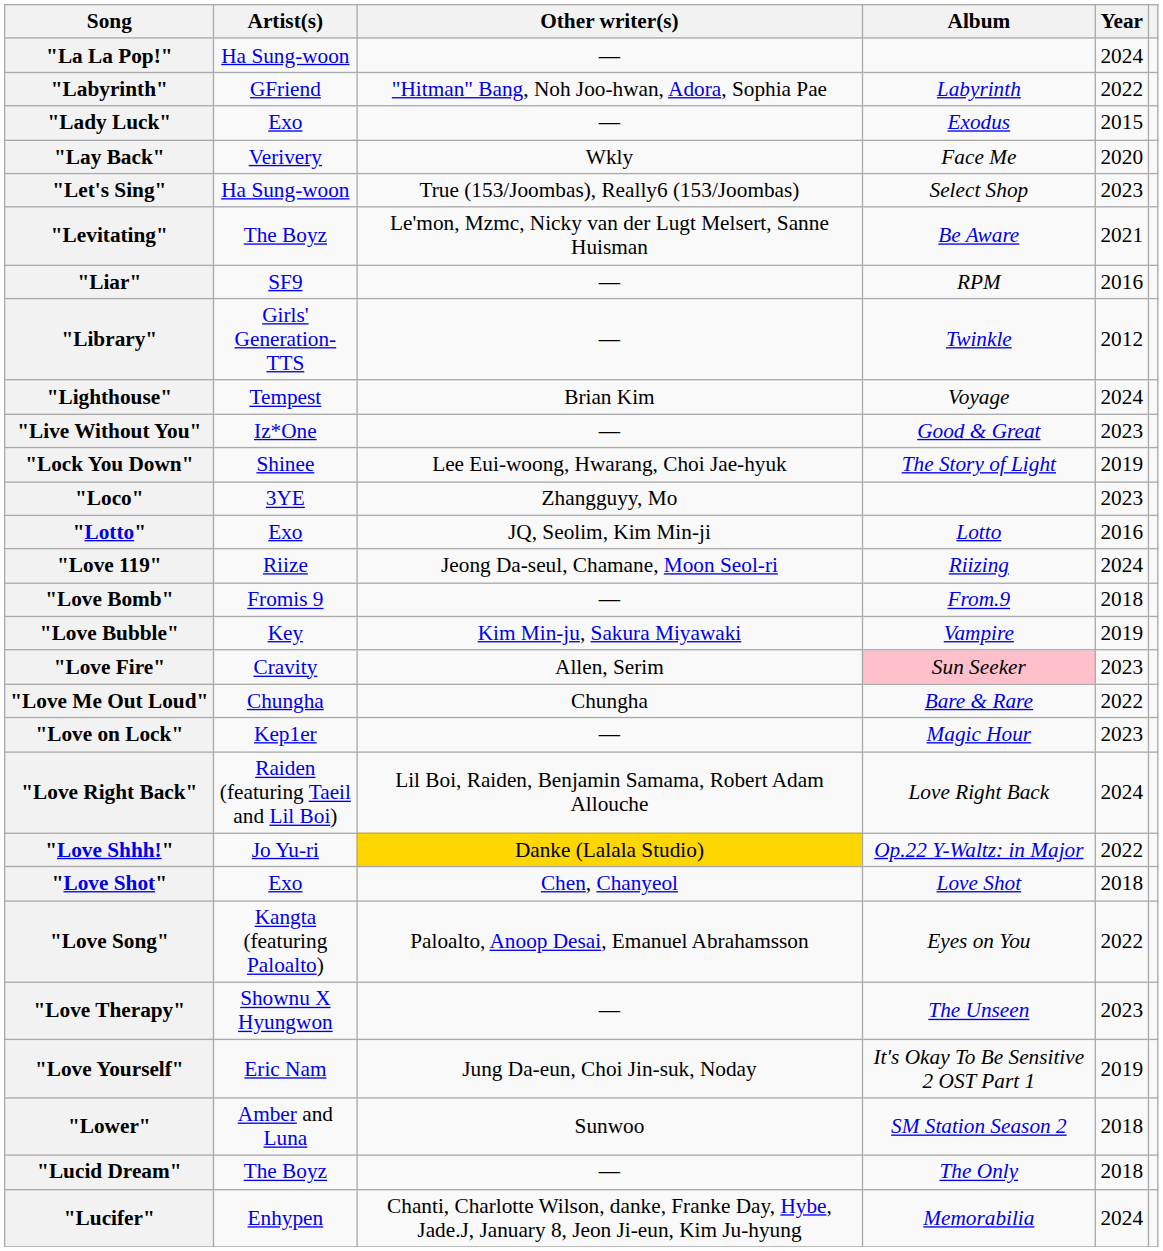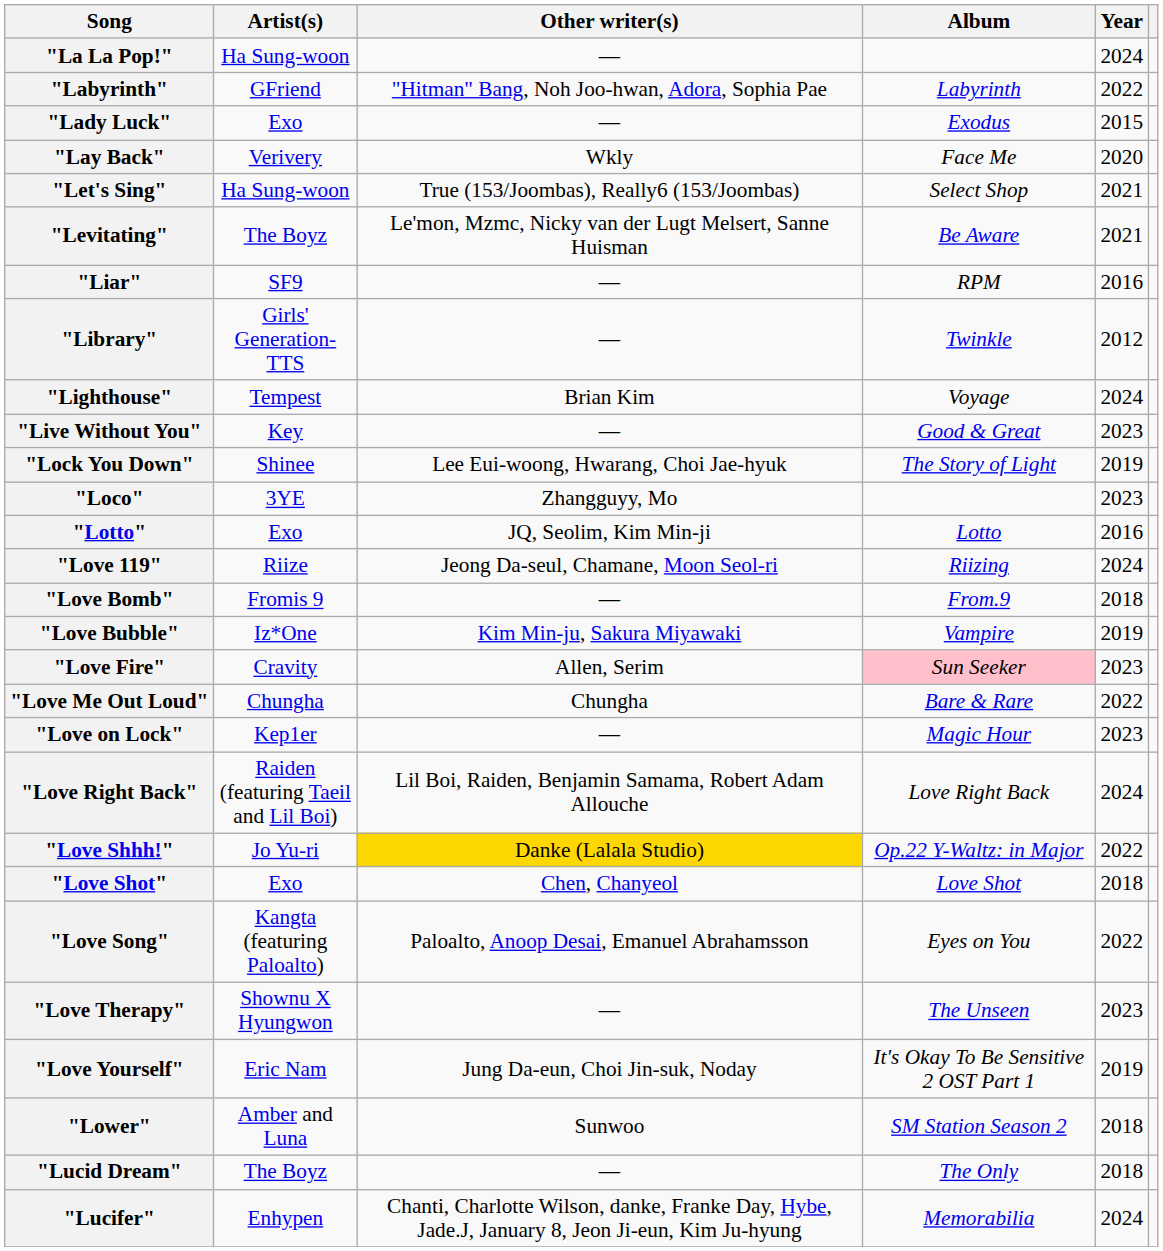 <table class="wikitable sortable plainrowheaders" style="text-align:center;">
 <tr>
 <th scope="col" width="150">Song</th>
 <th scope="col" width="100">Artist(s)</th>
 <th scope="col" class="unsortable">Other writer(s)</th>
 <th scope="col" data-sort-type="text">Album</th>
 <th scope="col">Year</th>
 <th scope="col" class="unsortable"></th>
 </tr>
 <tr>
 <th scope="row">"La La Pop!"</th>
 <td><a href='#'>Ha Sung-woon</a></td>
 <td>—</td>
 <td></td>
 <td>2024</td>
 <td style="text-align:center;"></td>
 </tr>
 <tr>
 <th scope="row">"Labyrinth"</th>
 <td><a href='#'>GFriend</a></td>
 <td><a href='#'>"Hitman" Bang</a>, Noh Joo-hwan, <a href='#'>Adora</a>, Sophia Pae</td>
 <td><em><a href='#'>Labyrinth</a></em></td>
 <td>2022</td>
 <td style="text-align:center;"></td>
 </tr>
 <tr>
 <th scope="row">"Lady Luck"</th>
 <td><a href='#'>Exo</a></td>
 <td>—</td>
 <td><em><a href='#'>Exodus</a></em></td>
 <td>2015</td>
 <td style="text-align:center;"></td>
 </tr>
 <tr>
 <th scope="row">"Lay Back"</th>
 <td><a href='#'>Verivery</a></td>
 <td>Wkly</td>
 <td><em>Face Me</em></td>
 <td>2020</td>
 <td style="text-align:center;"></td>
 </tr>
 <tr>
 <th scope="row">"Let's Sing"</th>
 <td><a href='#'>Ha Sung-woon</a></td>
 <td>True (153/Joombas), Really6 (153/Joombas)</td>
 <td><em>Select Shop</em></td>
-<td>2023</td>
+<td>2021</td>
 <td style="text-align:center;"></td>
 </tr>
 <tr>
 <th scope="row">"Levitating"</th>
 <td><a href='#'>The Boyz</a></td>
 <td>Le'mon, Mzmc, Nicky van der Lugt Melsert, Sanne Huisman</td>
 <td><em><a href='#'>Be Aware</a></em></td>
 <td>2021</td>
 <td style="text-align:center;"></td>
 </tr>
 <tr>
 <th scope="row">"Liar"</th>
 <td><a href='#'>SF9</a></td>
 <td>—</td>
 <td><em>RPM</em></td>
 <td>2016</td>
 <td style="text-align:center;"></td>
 </tr>
 <tr>
 <th scope="row">"Library"</th>
 <td><a href='#'>Girls' Generation-TTS</a></td>
 <td>—</td>
 <td><em><a href='#'>Twinkle</a></em></td>
 <td>2012</td>
 <td style="text-align:center;"></td>
 </tr>
 <tr>
 <th scope="row">"Lighthouse"</th>
 <td><a href='#'>Tempest</a></td>
 <td>Brian Kim</td>
 <td><em>Voyage</em></td>
 <td>2024</td>
 <td style="text-align:center;"></td>
 </tr>
 <tr>
 <th scope="row">"Live Without You"</th>
-<td><a href='#'>Iz*One</a></td>
+<td><a href='#'>Key</a></td>
 <td>—</td>
 <td><em><a href='#'>Good & Great</a></em></td>
 <td>2023</td>
 <td style="text-align:center;"></td>
 </tr>
 <tr>
 <th scope="row">"Lock You Down"</th>
 <td><a href='#'>Shinee</a></td>
 <td>Lee Eui-woong, Hwarang, Choi Jae-hyuk</td>
 <td><em><a href='#'>The Story of Light</a></em></td>
 <td>2019</td>
 <td style="text-align:center;"></td>
 </tr>
 <tr>
 <th scope="row">"Loco"</th>
 <td><a href='#'>3YE</a></td>
 <td>Zhangguyy, Mo</td>
 <td></td>
 <td>2023</td>
 <td style="text-align:center;"></td>
 </tr>
 <tr>
 <th scope="row">"<a href='#'>Lotto</a>"</th>
 <td><a href='#'>Exo</a></td>
 <td>JQ, Seolim, Kim Min-ji</td>
 <td><em><a href='#'>Lotto</a></em></td>
 <td>2016</td>
 <td style="text-align:center;"></td>
 </tr>
 <tr>
 <th scope="row">"Love 119"</th>
 <td><a href='#'>Riize</a></td>
 <td>Jeong Da-seul, Chamane, <a href='#'>Moon Seol-ri</a></td>
 <td><em><a href='#'>Riizing</a></em></td>
 <td>2024</td>
 <td style="text-align:center;"></td>
 </tr>
 <tr>
 <th scope="row">"Love Bomb"</th>
 <td><a href='#'>Fromis 9</a></td>
 <td>—</td>
 <td><em><a href='#'>From.9</a></em></td>
 <td>2018</td>
 <td style="text-align:center;"></td>
 </tr>
 <tr>
 <th scope="row">"Love Bubble"</th>
-<td><a href='#'>Key</a></td>
+<td><a href='#'>Iz*One</a></td>
 <td><a href='#'>Kim Min-ju</a>, <a href='#'>Sakura Miyawaki</a></td>
 <td><em><a href='#'>Vampire</a></em></td>
 <td>2019</td>
 <td style="text-align:center;"></td>
 </tr>
 <tr>
 <th scope="row">"Love Fire"</th>
 <td><a href='#'>Cravity</a></td>
 <td>Allen, Serim</td>
 <td style="background: pink;"><em>Sun Seeker</em></td>
 <td>2023</td>
 <td style="text-align:center;"></td>
 </tr>
 <tr>
 <th scope="row">"Love Me Out Loud"</th>
 <td><a href='#'>Chungha</a></td>
 <td>Chungha</td>
 <td><em><a href='#'>Bare & Rare</a></em></td>
 <td>2022</td>
 <td style="text-align:center;"></td>
 </tr>
 <tr>
 <th scope="row">"Love on Lock"</th>
 <td><a href='#'>Kep1er</a></td>
 <td>—</td>
 <td><em><a href='#'>Magic Hour</a></em></td>
 <td>2023</td>
 <td style="text-align:center;"></td>
 </tr>
 <tr>
 <th scope="row">"Love Right Back"</th>
 <td><a href='#'>Raiden</a> (featuring <a href='#'>Taeil</a> and <a href='#'>Lil Boi</a>)</td>
 <td>Lil Boi, Raiden, Benjamin Samama, Robert Adam Allouche</td>
 <td><em>Love Right Back</em></td>
 <td>2024</td>
 <td style="text-align:center;"></td>
 </tr>
 <tr>
 <th scope="row">"<a href='#'>Love Shhh!</a>"</th>
 <td><a href='#'>Jo Yu-ri</a></td>
 <td style="background: gold;">Danke (Lalala Studio)</td>
 <td><em><a href='#'>Op.22 Y-Waltz: in Major</a></em></td>
 <td>2022</td>
 <td style="text-align:center;"></td>
 </tr>
 <tr>
 <th scope="row">"<a href='#'>Love Shot</a>"</th>
 <td><a href='#'>Exo</a></td>
 <td><a href='#'>Chen</a>, <a href='#'>Chanyeol</a></td>
 <td><em><a href='#'>Love Shot</a></em></td>
 <td>2018</td>
 <td style="text-align:center;"></td>
 </tr>
 <tr>
 <th scope="row">"Love Song"</th>
 <td><a href='#'>Kangta</a> (featuring <a href='#'>Paloalto</a>)</td>
 <td>Paloalto, <a href='#'>Anoop Desai</a>, Emanuel Abrahamsson</td>
 <td><em>Eyes on You</em></td>
 <td>2022</td>
 <td style="text-align:center;"></td>
 </tr>
 <tr>
 <th scope="row">"Love Therapy"</th>
 <td><a href='#'>Shownu X Hyungwon</a></td>
 <td>—</td>
 <td><em><a href='#'>The Unseen</a></em></td>
 <td>2023</td>
 <td style="text-align:center;"></td>
 </tr>
 <tr>
 <th scope="row">"Love Yourself"</th>
 <td><a href='#'>Eric Nam</a></td>
 <td>Jung Da-eun, Choi Jin-suk, Noday</td>
 <td><em>It's Okay To Be Sensitive 2 OST Part 1</em></td>
 <td>2019</td>
 <td style="text-align:center;"></td>
 </tr>
 <tr>
 <th scope="row">"Lower"</th>
 <td><a href='#'>Amber</a> and <a href='#'>Luna</a></td>
 <td>Sunwoo</td>
 <td><em><a href='#'>SM Station Season 2</a></em></td>
 <td>2018</td>
 <td style="text-align:center;"></td>
 </tr>
 <tr>
 <th scope="row">"Lucid Dream"</th>
 <td><a href='#'>The Boyz</a></td>
 <td>—</td>
 <td><em><a href='#'>The Only</a></em></td>
 <td>2018</td>
 <td style="text-align:center;"></td>
 </tr>
 <tr>
 <th scope="row">"Lucifer"</th>
 <td><a href='#'>Enhypen</a></td>
 <td>Chanti, Charlotte Wilson, danke, Franke Day, <a href='#'>Hybe</a>, Jade.J, January 8, Jeon Ji-eun, Kim Ju-hyung</td>
 <td><em><a href='#'>Memorabilia</a></em></td>
 <td>2024</td>
 <td style="text-align:center;"></td>
 </tr>
 </table>
